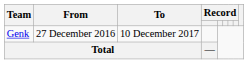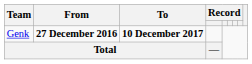 <table class=wikitable style="text-align: center">
 <tr>
 <th rowspan=2>Team</th>
 <th rowspan=2>From</th>
 <th rowspan=2>To</th>
 <th colspan=5>Record</th>
 <th rowspan=2></th>
 </tr>
 <tr>
 <th></th>
 <th></th>
 <th></th>
 <th></th>
 <th></th>
 </tr>
 <tr>
 <td align=left><a href='#'>Genk</a></td>
-<td align=left>27 December 2016</td>
-<td align=left>10 December 2017<br></td>
+<td align=left><strong>27 December 2016</strong></td>
+<td align=left><strong>10 December 2017<br></strong></td>
 <td></td>
 </tr>
 <tr>
 <th colspan=3>Total<br></th>
 <th>—</th>
 </tr>
 </table>
